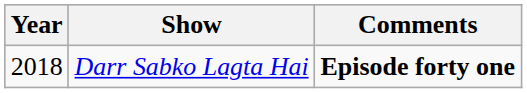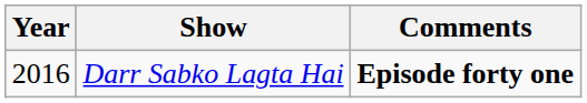 <table class="wikitable sortable">
 <tr>
 <th>Year</th>
 <th>Show</th>
 <th>Comments</th>
 </tr>
 <tr>
-<td>2018</td>
+<td>2016</td>
 <td><em><a href='#'>Darr Sabko Lagta Hai</a></em></td>
 <td><strong>Episode forty one</strong></td>
 </tr>
 </table>
